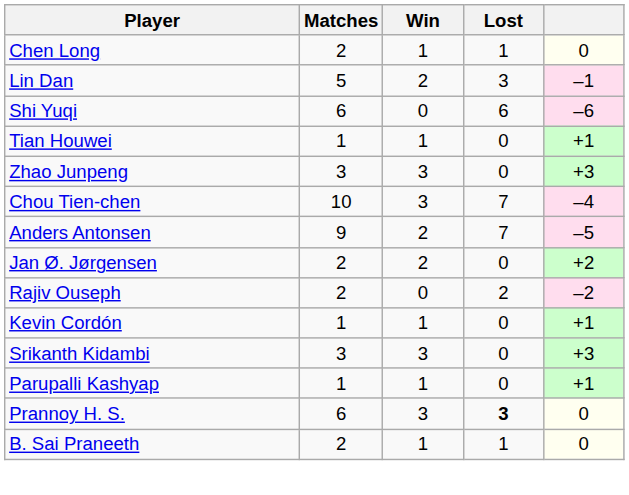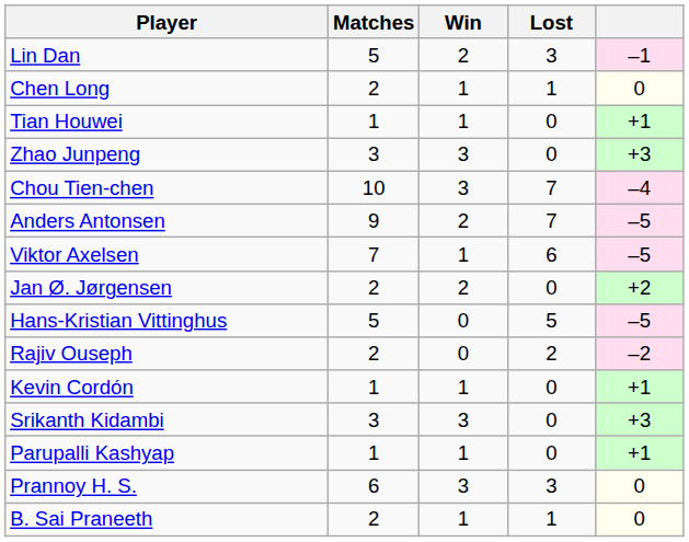 <table class=wikitable style="text-align:center; font-size:small">
 <tr>
 <th width="200">Player</th>
 <th width="50">Matches</th>
 <th width="50">Win</th>
 <th width="50">Lost</th>
 <th width="50"></th>
 </tr>
 <tr>
-<td align="left"> <a href='#'>Chen Long</a></td>
-<td>2</td>
-<td>1</td>
-<td>1</td>
-<td bgcolor="#fffff0">0</td>
-</tr>
-<tr>
 <td align="left"> <a href='#'>Lin Dan</a></td>
 <td>5</td>
 <td>2</td>
 <td>3</td>
 <td bgcolor="#ffddee">–1</td>
 </tr>
 <tr>
-<td align="left"> <a href='#'>Shi Yuqi</a></td>
-<td>6</td>
-<td>0</td>
-<td>6</td>
-<td bgcolor="#ffddee">–6</td>
+<td align="left"> <a href='#'>Chen Long</a></td>
+<td>2</td>
+<td>1</td>
+<td>1</td>
+<td bgcolor="#fffff0">0</td>
 </tr>
 <tr>
 <td align="left"> <a href='#'>Tian Houwei</a></td>
 <td>1</td>
 <td>1</td>
 <td>0</td>
 <td bgcolor="#ccffcc">+1</td>
 </tr>
 <tr>
 <td align="left"> <a href='#'>Zhao Junpeng</a></td>
 <td>3</td>
 <td>3</td>
 <td>0</td>
 <td bgcolor="#ccffcc">+3</td>
 </tr>
 <tr>
 <td align="left"> <a href='#'>Chou Tien-chen</a></td>
 <td>10</td>
 <td>3</td>
 <td>7</td>
 <td bgcolor="#ffddee">–4</td>
 </tr>
 <tr>
 <td align="left"> <a href='#'>Anders Antonsen</a></td>
 <td>9</td>
 <td>2</td>
 <td>7</td>
 <td bgcolor="#ffddee">–5</td>
 </tr>
 <tr>
+<td align="left"> <a href='#'>Viktor Axelsen</a></td>
+<td>7</td>
+<td>1</td>
+<td>6</td>
+<td bgcolor="#ffddee">–5</td>
+</tr>
+<tr>
 <td align="left"> <a href='#'>Jan Ø. Jørgensen</a></td>
 <td>2</td>
 <td>2</td>
 <td>0</td>
 <td bgcolor="#ccffcc">+2</td>
+</tr>
+<tr>
+<td align="left"> <a href='#'>Hans-Kristian Vittinghus</a></td>
+<td>5</td>
+<td>0</td>
+<td>5</td>
+<td bgcolor="#ffddee">–5</td>
 </tr>
 <tr>
 <td align="left"> <a href='#'>Rajiv Ouseph</a></td>
 <td>2</td>
 <td>0</td>
 <td>2</td>
 <td bgcolor="#ffddee">–2</td>
 </tr>
 <tr>
 <td align="left"> <a href='#'>Kevin Cordón</a></td>
 <td>1</td>
 <td>1</td>
 <td>0</td>
 <td bgcolor="#ccffcc">+1</td>
 </tr>
 <tr>
 <td align="left"> <a href='#'>Srikanth Kidambi</a></td>
 <td>3</td>
 <td>3</td>
 <td>0</td>
 <td bgcolor="#ccffcc">+3</td>
 </tr>
 <tr>
 <td align="left"> <a href='#'>Parupalli Kashyap</a></td>
 <td>1</td>
 <td>1</td>
 <td>0</td>
 <td bgcolor="#ccffcc">+1</td>
 </tr>
 <tr>
 <td align="left"> <a href='#'>Prannoy H. S.</a></td>
 <td>6</td>
 <td>3</td>
-<td><strong>3</strong></td>
+<td>3</td>
 <td bgcolor="#fffff0">0</td>
 </tr>
 <tr>
 <td align="left"> <a href='#'>B. Sai Praneeth</a></td>
 <td>2</td>
 <td>1</td>
 <td>1</td>
 <td bgcolor="#fffff0">0</td>
 </tr>
 </table>
